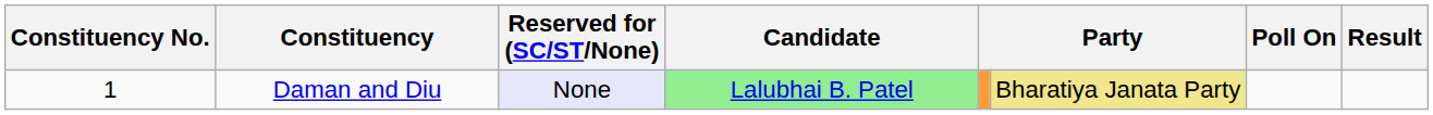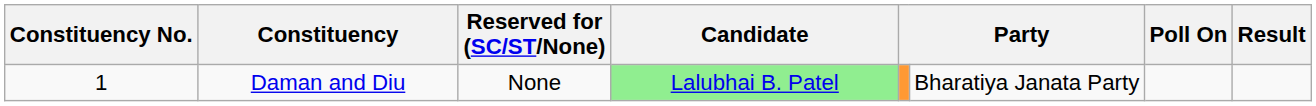 <table class="wikitable sortable" style="text-align:center">
 <tr>
 <th>Constituency No.</th>
 <th style="width:180px;">Constituency</th>
 <th>Reserved for<br>(<a href='#'>SC/ST</a>/None)</th>
 <th style="width:200px;">Candidate</th>
 <th colspan="2">Party</th>
 <th>Poll On</th>
 <th>Result</th>
 </tr>
 <tr>
 <td style="text-align:center;">1</td>
 <td><a href='#'>Daman and Diu</a></td>
-<td style="background: lavender;">None</td>
+<td>None</td>
 <td style="background: lightgreen;"><a href='#'>Lalubhai B. Patel</a></td>
 <td bgcolor=#FF9933></td>
-<td style="background: khaki;">Bharatiya Janata Party</td>
+<td>Bharatiya Janata Party</td>
 <td></td>
 <td></td>
 </tr>
 </table>
